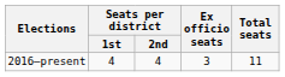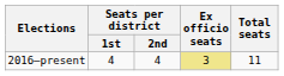 <table class="wikitable">
 <tr>
 <th rowspan="2">Elections</th>
 <th colspan="2">Seats per district</th>
 <th rowspan="2" width="50px">Ex officio seats</th>
 <th rowspan="2" width="50px">Total seats</th>
 </tr>
 <tr>
 <th width="50px">1st</th>
 <th width="50px">2nd</th>
 </tr>
 <tr align="center">
 <td>2016–present</td>
 <td>4</td>
 <td>4</td>
-<td>3</td>
+<td style="background: khaki;">3</td>
 <td>11</td>
 </tr>
 </table>
